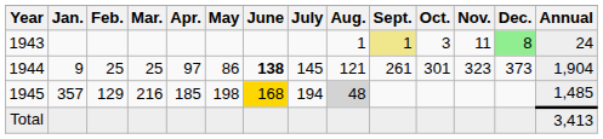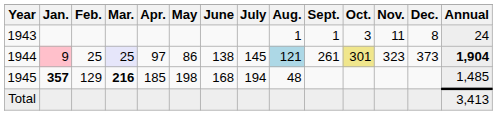 <table class="wikitable" style="text-align: right;">
 <tr>
 </tr>
 <tr>
 <th rowspan=2>Year</th>
 </tr>
 <tr>
 <th>Jan.</th>
 <th>Feb.</th>
 <th>Mar.</th>
 <th>Apr.</th>
 <th>May</th>
 <th>June</th>
 <th>July</th>
 <th>Aug.</th>
 <th>Sept.</th>
 <th>Oct.</th>
 <th>Nov.</th>
 <th>Dec.</th>
 <th>Annual</th>
 </tr>
 <tr>
 <td style="text-align:center">1943</td>
 <td></td>
 <td></td>
 <td></td>
 <td></td>
 <td></td>
 <td></td>
 <td></td>
 <td>1</td>
-<td style="background: khaki;">1</td>
+<td>1</td>
 <td>3</td>
 <td>11</td>
-<td style="background: lightgreen;">8</td>
+<td>8</td>
 <td style="background: #eee;">24</td>
 </tr>
 <tr>
 <td style="text-align:center">1944</td>
-<td>9</td>
+<td style="background: pink;">9</td>
 <td>25</td>
-<td>25</td>
+<td style="background: lavender;">25</td>
 <td>97</td>
 <td>86</td>
-<td><strong>138</strong></td>
+<td>138</td>
 <td>145</td>
-<td>121</td>
+<td style="background: lightblue;">121</td>
 <td>261</td>
-<td>301</td>
+<td style="background: khaki;">301</td>
 <td>323</td>
 <td>373</td>
-<td style="background: #eee;">1,904</td>
+<td style="background: #eee;"><strong>1,904</strong></td>
 </tr>
 <tr>
 <td style="text-align:center">1945</td>
-<td>357</td>
+<td><strong>357</strong></td>
 <td>129</td>
-<td>216</td>
+<td><strong>216</strong></td>
 <td>185</td>
 <td>198</td>
-<td style="background: gold;">168</td>
+<td>168</td>
 <td>194</td>
-<td style="background: lightgrey;">48</td>
+<td>48</td>
 <td></td>
 <td></td>
 <td></td>
 <td></td>
 <td style="background: #eee;">1,485</td>
 </tr>
 <tr style="background: #eee;">
 <td style="text-align:center">Total</td>
 <td></td>
 <td></td>
 <td></td>
 <td></td>
 <td></td>
 <td></td>
 <td></td>
 <td></td>
 <td></td>
 <td></td>
 <td></td>
 <td></td>
 <td style="border-top: black solid">3,413</td>
 </tr>
 </table>
